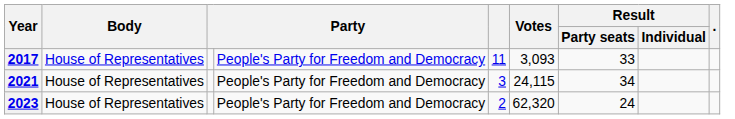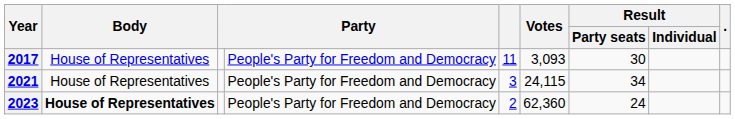 <table class="wikitable plainrowheaders sortable" border=2 cellpadding=4 cellspacing=0 style="border: 1px #aaa solid; font-size: 90%; text-align:center;">
 <tr>
 <th scope="col" rowspan=2>Year</th>
 <th scope="col" rowspan=2>Body</th>
 <th scope="col" colspan=2 rowspan=2>Party</th>
 <th scope="col" rowspan=2></th>
 <th scope="col" rowspan=2>Votes</th>
 <th scope="colgroup" colspan=2>Result</th>
 <th scope="col" rowspan=2>.</th>
 </tr>
 <tr>
 <th scope="col">Party seats</th>
 <th scope="col">Individual</th>
 </tr>
 <tr>
 <th scope="row"><a href='#'>2017</a></th>
 <td><a href='#'>House of Representatives</a></td>
 <td style="background-color:"></td>
 <td><a href='#'>People's Party for Freedom and Democracy</a></td>
 <td style=text-align:right><a href='#'>11</a></td>
 <td style=text-align:right>3,093</td>
-<td style=text-align:right>33</td>
+<td style=text-align:right>30</td>
 <td></td>
 <td></td>
 </tr>
 <tr>
 <th scope="row"><a href='#'>2021</a></th>
 <td>House of Representatives</td>
 <td style="background-color:"></td>
 <td>People's Party for Freedom and Democracy</td>
 <td style=text-align:right><a href='#'>3</a></td>
 <td style=text-align:right>24,115</td>
 <td style=text-align:right>34</td>
 <td></td>
 <td></td>
 </tr>
 <tr>
 <th scope="row"><a href='#'>2023</a></th>
-<td>House of Representatives</td>
+<td><strong>House of Representatives</strong></td>
 <td style="background-color:"></td>
 <td>People's Party for Freedom and Democracy</td>
 <td style=text-align:right><a href='#'>2</a></td>
-<td style=text-align:right>62,320</td>
+<td style=text-align:right>62,360</td>
 <td style=text-align:right>24</td>
 <td></td>
 <td></td>
 </tr>
 </table>
